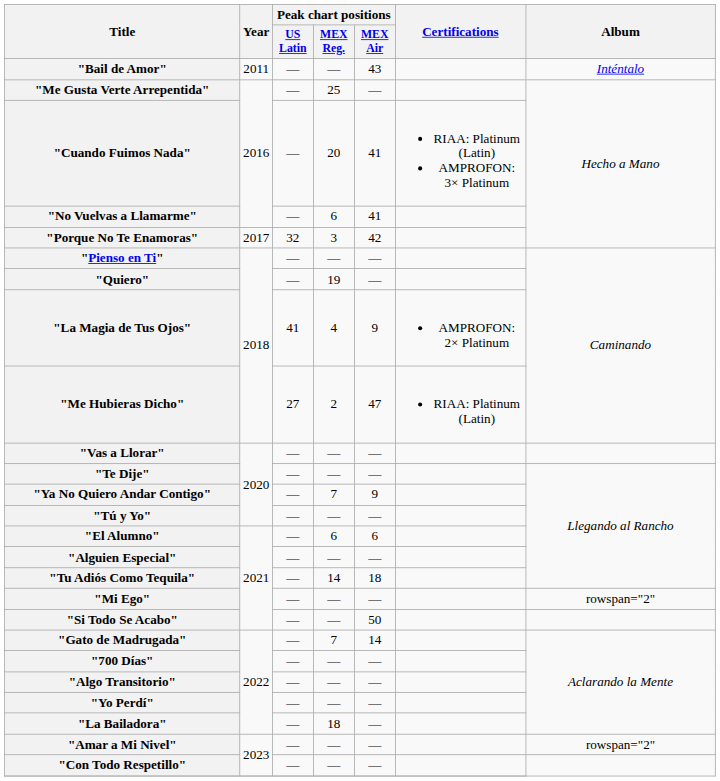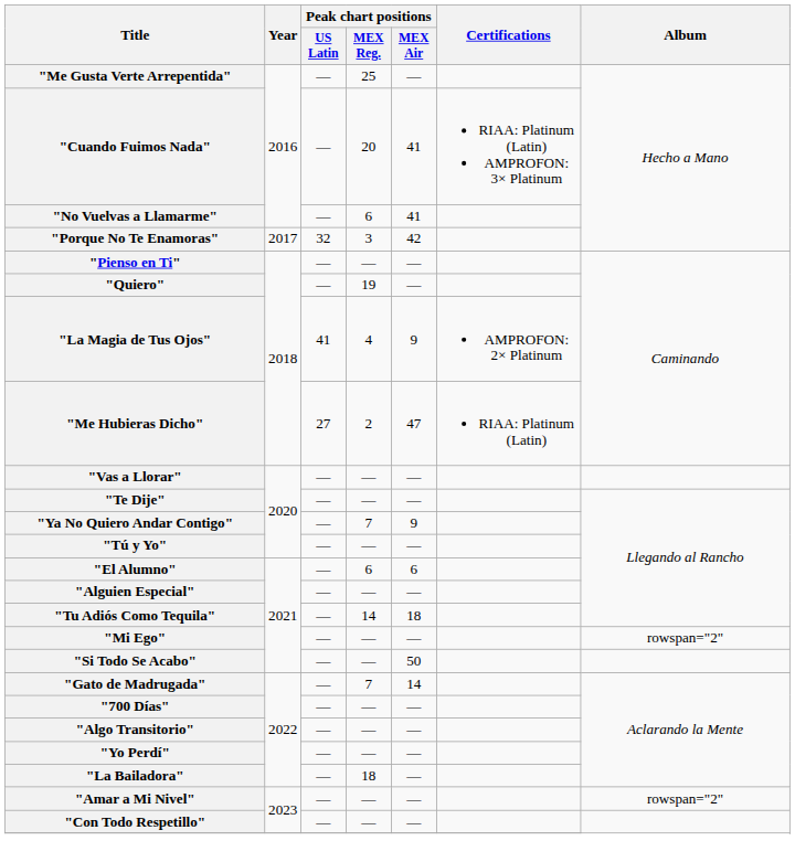 <table class="wikitable plainrowheaders" style="text-align:center;" border="1">
 <tr>
 <th scope="col" rowspan="2" style="width:17.5em;">Title</th>
 <th scope="col" rowspan="2" style="width:1em;">Year</th>
 <th scope="col" colspan="3">Peak chart positions</th>
 <th scope="col" rowspan="2"><a href='#'>Certifications</a></th>
 <th scope="col" rowspan="2" style="width:14em;">Album</th>
 </tr>
 <tr>
 <th scope="col" style="width:3em;font-size:90%;"><a href='#'>US<br>Latin</a><br></th>
 <th scope="col" style="width:3em;font-size:90%;"><a href='#'>MEX<br>Reg.</a><br></th>
 <th scope="col" style="width:3em;font-size:90%;"><a href='#'>MEX<br>Air</a><br></th>
-</tr>
-<tr>
-<th scope="row">"Bail de Amor"<br></th>
-<td>2011</td>
-<td>—</td>
-<td>—</td>
-<td>43</td>
-<td></td>
-<td><em><a href='#'>Inténtalo</a></em></td>
 </tr>
 <tr>
 <th scope="row">"Me Gusta Verte Arrepentida"</th>
 <td rowspan="3">2016</td>
 <td>—</td>
 <td>25</td>
 <td>—</td>
 <td></td>
 <td rowspan="4"><em>Hecho a Mano</em></td>
 </tr>
 <tr>
 <th scope="row">"Cuando Fuimos Nada"</th>
 <td>—</td>
 <td>20</td>
 <td>41</td>
 <td><br><ul><li>RIAA: Platinum (Latin)</li><li>AMPROFON: 3× Platinum</li></ul></td>
 </tr>
 <tr>
 <th scope="row">"No Vuelvas a Llamarme"</th>
 <td>—</td>
 <td>6</td>
 <td>41</td>
 <td></td>
 </tr>
 <tr>
 <th scope="row">"Porque No Te Enamoras"</th>
 <td>2017</td>
 <td>32</td>
 <td>3</td>
 <td>42</td>
 <td></td>
 </tr>
 <tr>
 <th scope="row">"<a href='#'>Pienso en Ti</a>"<br></th>
 <td rowspan="4">2018</td>
 <td>—</td>
 <td>—</td>
 <td>—</td>
 <td></td>
 <td rowspan="4"><em>Caminando</em></td>
 </tr>
 <tr>
 <th scope="row">"Quiero"</th>
 <td>—</td>
 <td>19</td>
 <td>—</td>
 <td></td>
 </tr>
 <tr>
 <th scope="row">"La Magia de Tus Ojos"</th>
 <td>41</td>
 <td>4</td>
 <td>9</td>
 <td><br><ul><li>AMPROFON: 2× Platinum</li></ul></td>
 </tr>
 <tr>
 <th scope="row">"Me Hubieras Dicho"</th>
 <td>27</td>
 <td>2</td>
 <td>47</td>
 <td><br><ul><li>RIAA: Platinum (Latin)</li></ul></td>
 </tr>
 <tr>
 <th scope="row">"Vas a Llorar"<br></th>
 <td rowspan="4">2020</td>
 <td>—</td>
 <td>—</td>
 <td>—</td>
 <td></td>
 <td></td>
 </tr>
 <tr>
 <th scope="row">"Te Dije"</th>
 <td>—</td>
 <td>—</td>
 <td>—</td>
 <td></td>
 <td rowspan="6"><em>Llegando al Rancho</em></td>
 </tr>
 <tr>
 <th scope="row">"Ya No Quiero Andar Contigo"</th>
 <td>—</td>
 <td>7</td>
 <td>9</td>
 <td></td>
 </tr>
 <tr>
 <th scope="row">"Tú y Yo"</th>
 <td>—</td>
 <td>—</td>
 <td>—</td>
 <td></td>
 </tr>
 <tr>
 <th scope="row">"El Alumno"<br></th>
 <td rowspan="5">2021</td>
 <td>—</td>
 <td>6</td>
 <td>6</td>
 <td></td>
 </tr>
 <tr>
 <th scope="row">"Alguien Especial"</th>
 <td>—</td>
 <td>—</td>
 <td>—</td>
 <td></td>
 </tr>
 <tr>
 <th scope="row">"Tu Adiós Como Tequila"</th>
 <td>—</td>
 <td>14</td>
 <td>18</td>
 <td></td>
 </tr>
 <tr>
 <th scope="row">"Mi Ego"<br></th>
 <td>—</td>
 <td>—</td>
 <td>—</td>
 <td></td>
 <td>rowspan="2" </td>
 </tr>
 <tr>
 <th scope="row">"Si Todo Se Acabo"<br></th>
 <td>—</td>
 <td>—</td>
 <td>50</td>
 <td></td>
 </tr>
 <tr>
 <th scope="row">"Gato de Madrugada"</th>
 <td rowspan="5">2022</td>
 <td>—</td>
 <td>7</td>
 <td>14</td>
 <td></td>
 <td rowspan="5"><em>Aclarando la Mente</em></td>
 </tr>
 <tr>
 <th scope="row">"700 Días"</th>
 <td>—</td>
 <td>—</td>
 <td>—</td>
 <td></td>
 </tr>
 <tr>
 <th scope="row">"Algo Transitorio"</th>
 <td>—</td>
 <td>—</td>
 <td>—</td>
 <td></td>
 </tr>
 <tr>
 <th scope="row">"Yo Perdí"</th>
 <td>—</td>
 <td>—</td>
 <td>—</td>
 <td></td>
 </tr>
 <tr>
 <th scope="row">"La Bailadora"<br></th>
 <td>—</td>
 <td>18</td>
 <td>—</td>
 <td></td>
 </tr>
 <tr>
 <th scope="row">"Amar a Mi Nivel"<br></th>
 <td rowspan="2">2023</td>
 <td>—</td>
 <td>—</td>
 <td>—</td>
 <td></td>
 <td>rowspan="2" </td>
 </tr>
 <tr>
 <th scope="row">"Con Todo Respetillo"<br></th>
 <td>—</td>
 <td>—</td>
 <td>—</td>
 <td></td>
 </tr>
 <tr>
 </tr>
 </table>
